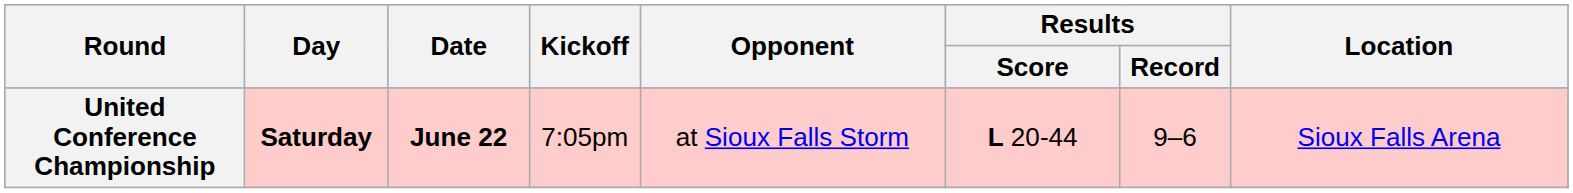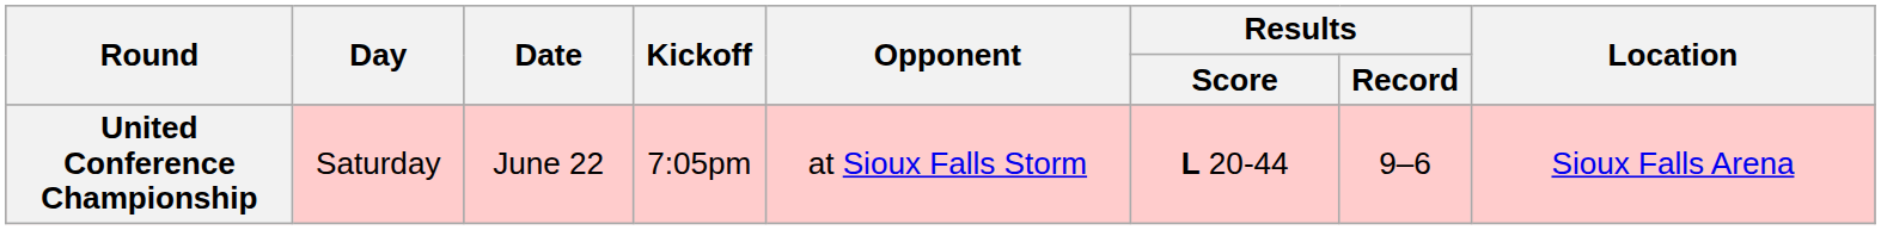 <table class="wikitable">
 <tr>
 <th rowspan="2" width="140">Round</th>
 <th rowspan="2" width="80">Day</th>
 <th rowspan="2" width="80">Date</th>
 <th rowspan="2" width="60">Kickoff</th>
 <th rowspan="2" width="180">Opponent</th>
 <th colspan="2" width="160">Results</th>
 <th rowspan="2" width="200">Location</th>
 </tr>
 <tr>
 <th width="100">Score</th>
 <th width="60">Record</th>
 </tr>
 <tr align="center" bgcolor="#FFCCCC">
 <th>United Conference Championship</th>
-<td><strong>Saturday</strong></td>
-<td><strong>June 22</strong></td>
+<td>Saturday</td>
+<td>June 22</td>
 <td>7:05pm</td>
 <td>at <a href='#'>Sioux Falls Storm</a></td>
 <td><strong>L</strong> 20-44</td>
 <td>9–6</td>
 <td><a href='#'>Sioux Falls Arena</a></td>
 </tr>
 </table>
